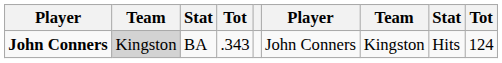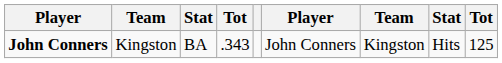 <table class="wikitable">
 <tr>
 <th>Player</th>
 <th>Team</th>
 <th>Stat</th>
 <th>Tot</th>
 <th></th>
 <th>Player</th>
 <th>Team</th>
 <th>Stat</th>
 <th>Tot</th>
 </tr>
 <tr>
 <td><strong>John Conners</strong></td>
-<td style="background: lightgrey;">Kingston</td>
+<td>Kingston</td>
 <td>BA</td>
 <td>.343</td>
 <td></td>
 <td>John Conners</td>
 <td>Kingston</td>
 <td>Hits</td>
-<td>124</td>
+<td>125</td>
 </tr>
 </table>
